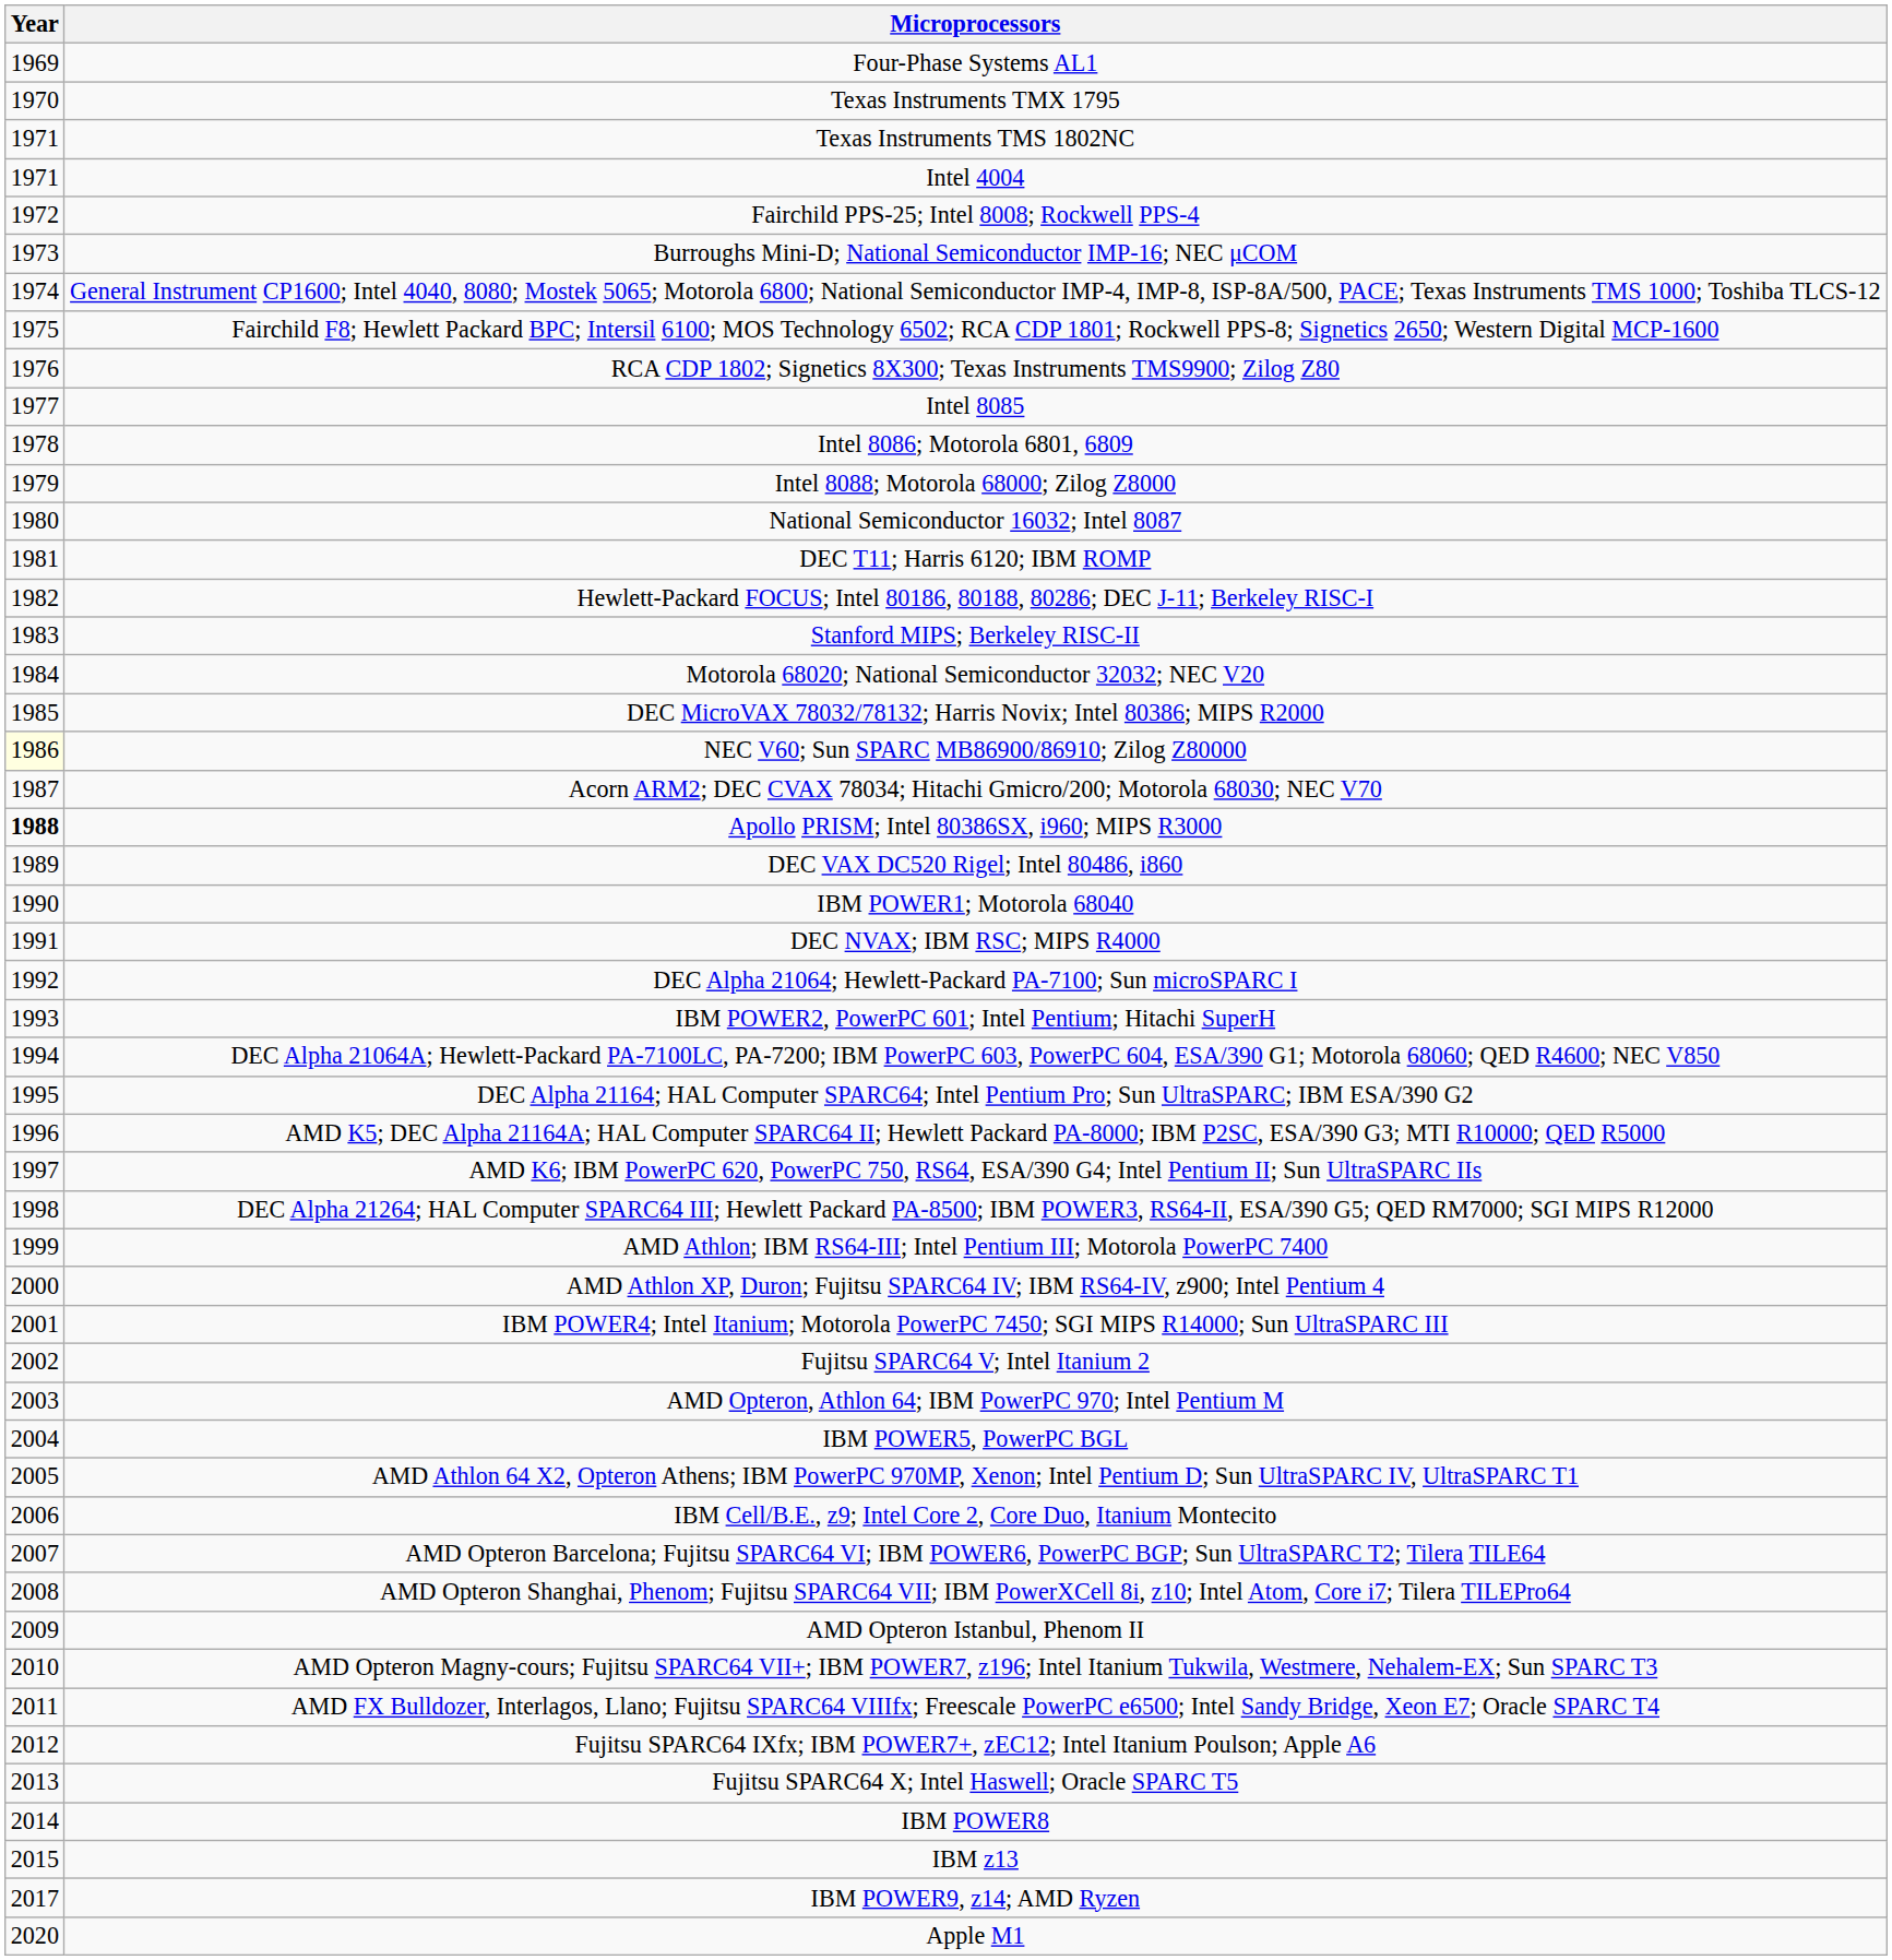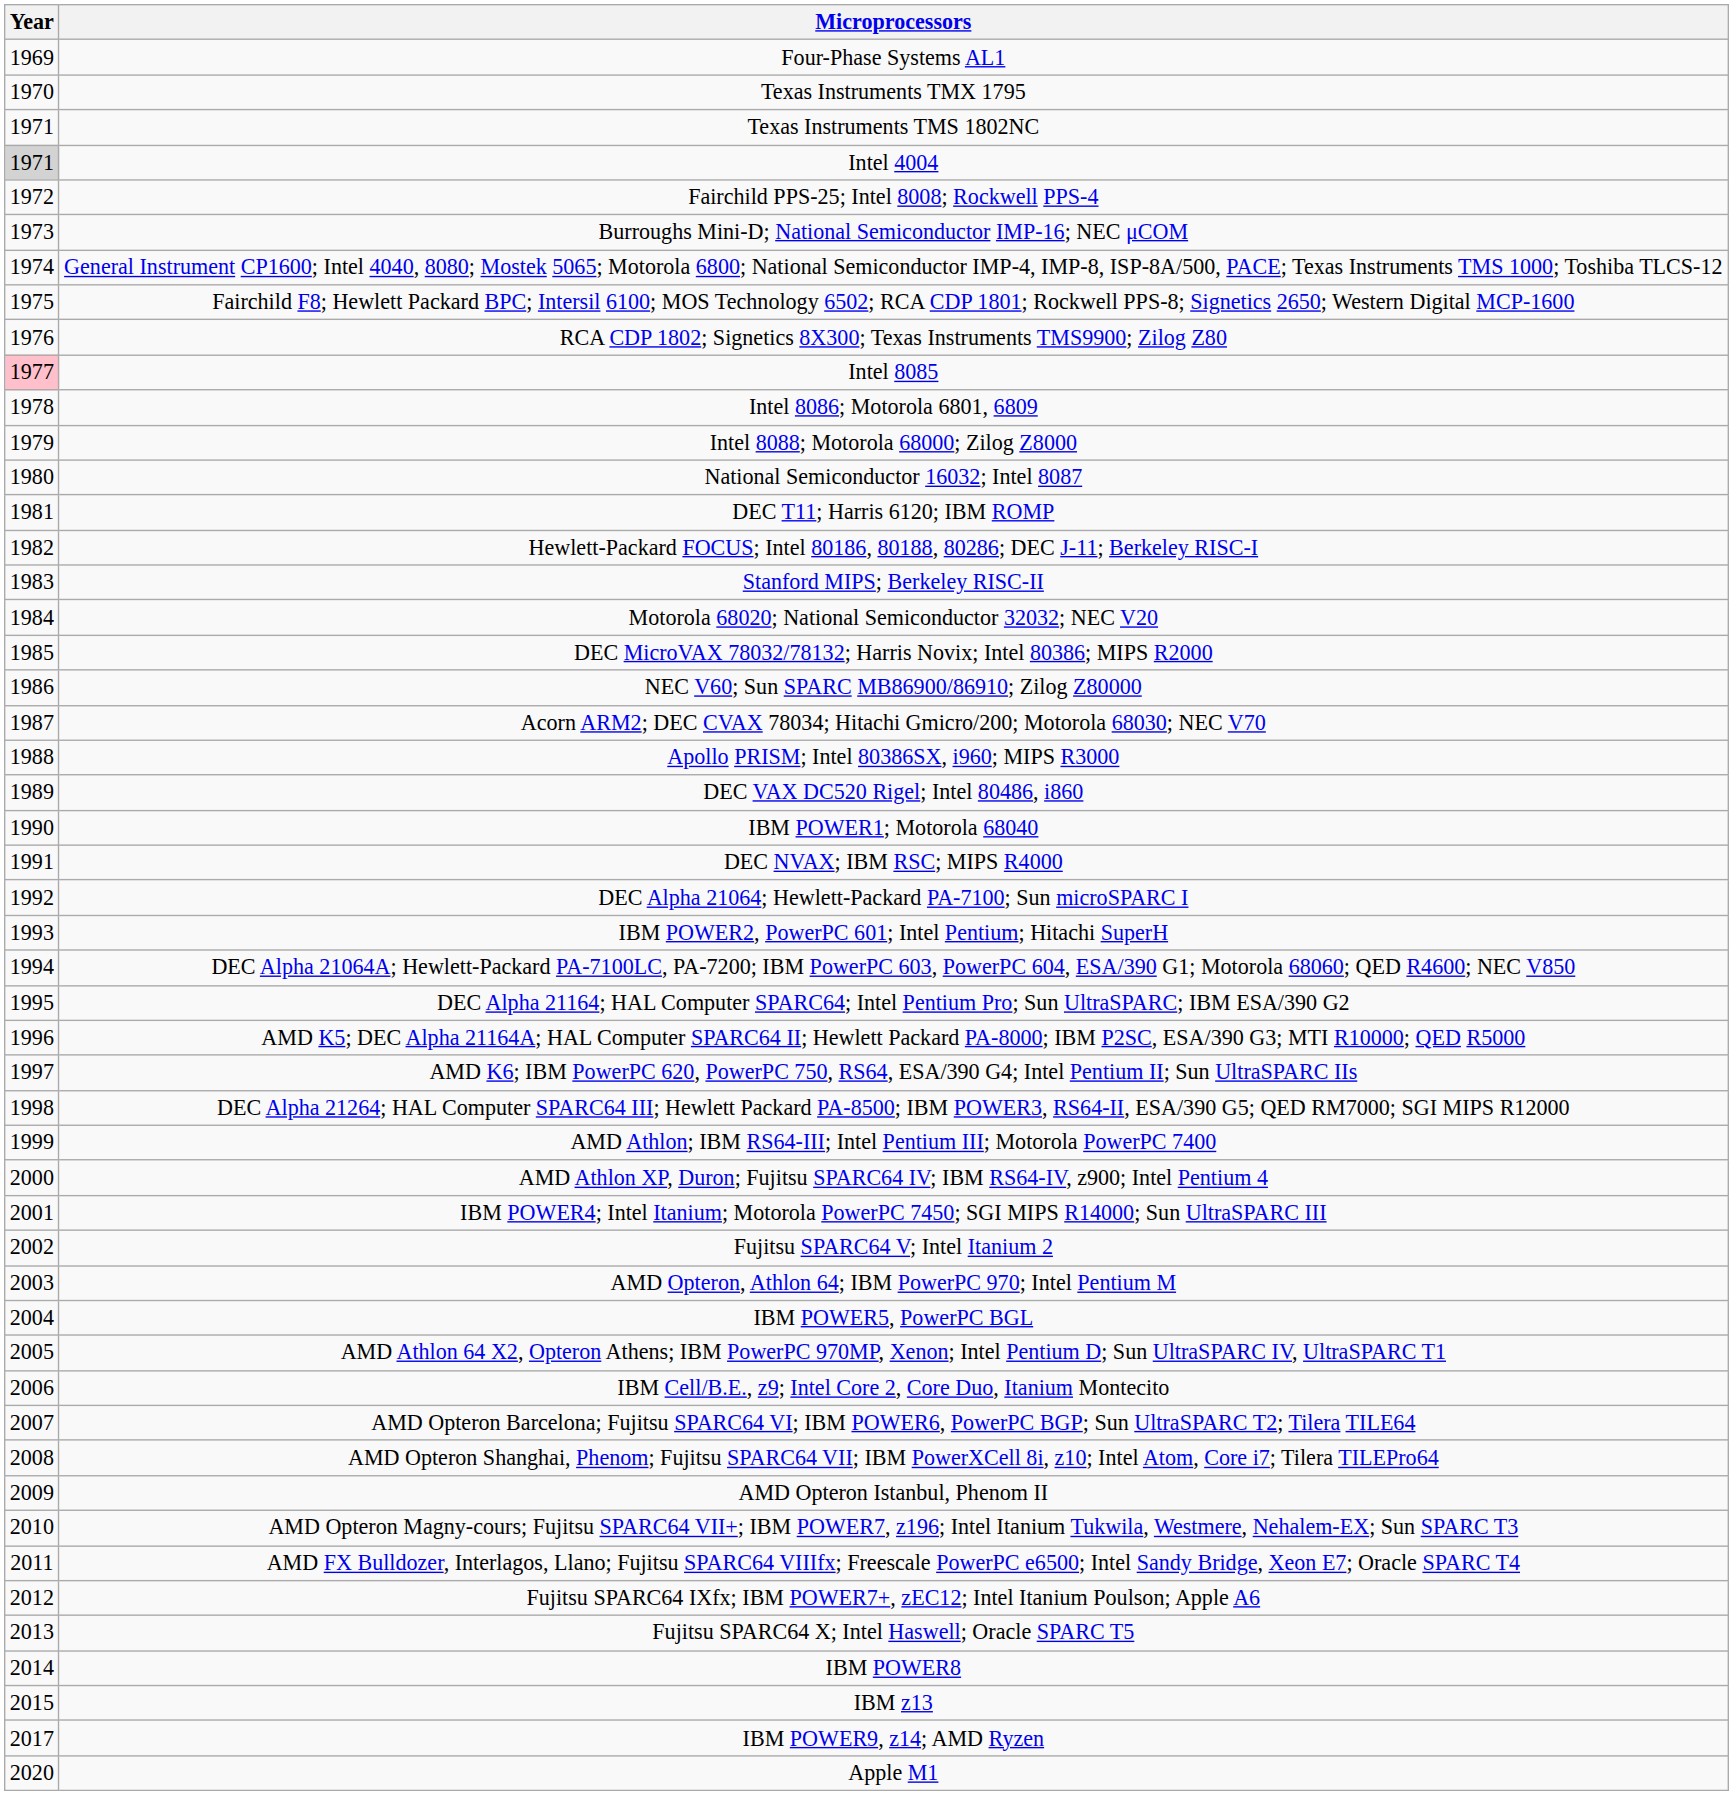 <table class="wikitable" style="text-align:center;">
 <tr>
 <th>Year</th>
 <th><a href='#'>Microprocessors</a></th>
 </tr>
 <tr>
 <td>1969</td>
 <td>Four-Phase Systems <a href='#'>AL1</a></td>
 </tr>
 <tr>
 <td>1970</td>
 <td>Texas Instruments TMX 1795</td>
 </tr>
 <tr>
 <td>1971</td>
 <td>Texas Instruments TMS 1802NC</td>
 </tr>
 <tr>
-<td>1971</td>
+<td style="background: lightgrey;">1971</td>
 <td>Intel <a href='#'>4004</a></td>
 </tr>
 <tr>
 <td>1972</td>
 <td>Fairchild PPS-25; Intel <a href='#'>8008</a>; <a href='#'>Rockwell</a> <a href='#'>PPS-4</a></td>
 </tr>
 <tr>
 <td>1973</td>
 <td>Burroughs Mini-D; <a href='#'>National Semiconductor</a> <a href='#'>IMP-16</a>; NEC <a href='#'>μCOM</a></td>
 </tr>
 <tr>
 <td>1974</td>
 <td><a href='#'>General Instrument</a> <a href='#'>CP1600</a>; Intel <a href='#'>4040</a>, <a href='#'>8080</a>; <a href='#'>Mostek</a> <a href='#'>5065</a>; Motorola <a href='#'>6800</a>; National Semiconductor IMP-4, IMP-8, ISP-8A/500, <a href='#'>PACE</a>; Texas Instruments <a href='#'>TMS 1000</a>; Toshiba TLCS-12</td>
 </tr>
 <tr>
 <td>1975</td>
 <td>Fairchild <a href='#'>F8</a>; Hewlett Packard <a href='#'>BPC</a>; <a href='#'>Intersil</a> <a href='#'>6100</a>; MOS Technology <a href='#'>6502</a>; RCA <a href='#'>CDP 1801</a>; Rockwell PPS-8; <a href='#'>Signetics</a> <a href='#'>2650</a>; Western Digital <a href='#'>MCP-1600</a></td>
 </tr>
 <tr>
 <td>1976</td>
 <td>RCA <a href='#'>CDP 1802</a>; Signetics <a href='#'>8X300</a>; Texas Instruments <a href='#'>TMS9900</a>; <a href='#'>Zilog</a> <a href='#'>Z80</a></td>
 </tr>
 <tr>
-<td>1977</td>
+<td style="background: pink;">1977</td>
 <td>Intel <a href='#'>8085</a></td>
 </tr>
 <tr>
 <td>1978</td>
 <td>Intel <a href='#'>8086</a>; Motorola 6801, <a href='#'>6809</a></td>
 </tr>
 <tr>
 <td>1979</td>
 <td>Intel <a href='#'>8088</a>; Motorola <a href='#'>68000</a>; Zilog <a href='#'>Z8000</a></td>
 </tr>
 <tr>
 <td>1980</td>
 <td>National Semiconductor <a href='#'>16032</a>; Intel <a href='#'>8087</a></td>
 </tr>
 <tr>
 <td>1981</td>
 <td>DEC <a href='#'>T11</a>; Harris 6120; IBM <a href='#'>ROMP</a></td>
 </tr>
 <tr>
 <td>1982</td>
 <td>Hewlett-Packard <a href='#'>FOCUS</a>; Intel <a href='#'>80186</a>, <a href='#'>80188</a>, <a href='#'>80286</a>; DEC <a href='#'>J-11</a>; <a href='#'>Berkeley RISC-I</a></td>
 </tr>
 <tr>
 <td>1983</td>
 <td><a href='#'>Stanford MIPS</a>; <a href='#'>Berkeley RISC-II</a></td>
 </tr>
 <tr>
 <td>1984</td>
 <td>Motorola <a href='#'>68020</a>; National Semiconductor <a href='#'>32032</a>; NEC <a href='#'>V20</a></td>
 </tr>
 <tr>
 <td>1985</td>
 <td>DEC <a href='#'>MicroVAX 78032/78132</a>; Harris Novix; Intel <a href='#'>80386</a>; MIPS <a href='#'>R2000</a></td>
 </tr>
 <tr>
-<td style="background: lightyellow;">1986</td>
+<td>1986</td>
 <td>NEC <a href='#'>V60</a>; Sun <a href='#'>SPARC</a> <a href='#'>MB86900/86910</a>; Zilog <a href='#'>Z80000</a></td>
 </tr>
 <tr>
 <td>1987</td>
 <td>Acorn <a href='#'>ARM2</a>; DEC <a href='#'>CVAX</a> 78034; Hitachi Gmicro/200; Motorola <a href='#'>68030</a>; NEC <a href='#'>V70</a></td>
 </tr>
 <tr>
-<td><strong>1988</strong></td>
+<td>1988</td>
 <td><a href='#'>Apollo</a> <a href='#'>PRISM</a>; Intel <a href='#'>80386SX</a>, <a href='#'>i960</a>; MIPS <a href='#'>R3000</a></td>
 </tr>
 <tr>
 <td>1989</td>
 <td>DEC <a href='#'>VAX DC520 Rigel</a>; Intel <a href='#'>80486</a>, <a href='#'>i860</a></td>
 </tr>
 <tr>
 <td>1990</td>
 <td>IBM <a href='#'>POWER1</a>; Motorola <a href='#'>68040</a></td>
 </tr>
 <tr>
 <td>1991</td>
 <td>DEC <a href='#'>NVAX</a>; IBM <a href='#'>RSC</a>; MIPS <a href='#'>R4000</a></td>
 </tr>
 <tr>
 <td>1992</td>
 <td>DEC <a href='#'>Alpha 21064</a>; Hewlett-Packard <a href='#'>PA-7100</a>; Sun <a href='#'>microSPARC I</a></td>
 </tr>
 <tr>
 <td>1993</td>
 <td>IBM <a href='#'>POWER2</a>, <a href='#'>PowerPC 601</a>; Intel <a href='#'>Pentium</a>; Hitachi <a href='#'>SuperH</a></td>
 </tr>
 <tr>
 <td>1994</td>
 <td>DEC <a href='#'>Alpha 21064A</a>; Hewlett-Packard <a href='#'>PA-7100LC</a>, PA-7200; IBM <a href='#'>PowerPC 603</a>, <a href='#'>PowerPC 604</a>, <a href='#'>ESA/390</a> G1; Motorola <a href='#'>68060</a>; QED <a href='#'>R4600</a>; NEC <a href='#'>V850</a></td>
 </tr>
 <tr>
 <td>1995</td>
 <td>DEC <a href='#'>Alpha 21164</a>; HAL Computer <a href='#'>SPARC64</a>; Intel <a href='#'>Pentium Pro</a>; Sun <a href='#'>UltraSPARC</a>; IBM ESA/390 G2</td>
 </tr>
 <tr>
 <td>1996</td>
 <td>AMD <a href='#'>K5</a>; DEC <a href='#'>Alpha 21164A</a>; HAL Computer <a href='#'>SPARC64 II</a>; Hewlett Packard <a href='#'>PA-8000</a>; IBM <a href='#'>P2SC</a>, ESA/390 G3; MTI <a href='#'>R10000</a>; <a href='#'>QED</a> <a href='#'>R5000</a></td>
 </tr>
 <tr>
 <td>1997</td>
 <td>AMD <a href='#'>K6</a>; IBM <a href='#'>PowerPC 620</a>, <a href='#'>PowerPC 750</a>, <a href='#'>RS64</a>, ESA/390 G4; Intel <a href='#'>Pentium II</a>; Sun <a href='#'>UltraSPARC IIs</a></td>
 </tr>
 <tr>
 <td>1998</td>
 <td>DEC <a href='#'>Alpha 21264</a>; HAL Computer <a href='#'>SPARC64 III</a>; Hewlett Packard <a href='#'>PA-8500</a>; IBM <a href='#'>POWER3</a>, <a href='#'>RS64-II</a>, ESA/390 G5; QED RM7000; SGI MIPS R12000</td>
 </tr>
 <tr>
 <td>1999</td>
 <td>AMD <a href='#'>Athlon</a>; IBM <a href='#'>RS64-III</a>; Intel <a href='#'>Pentium III</a>; Motorola <a href='#'>PowerPC 7400</a></td>
 </tr>
 <tr>
 <td>2000</td>
 <td>AMD <a href='#'>Athlon XP</a>, <a href='#'>Duron</a>; Fujitsu <a href='#'>SPARC64 IV</a>; IBM <a href='#'>RS64-IV</a>, z900; Intel <a href='#'>Pentium 4</a></td>
 </tr>
 <tr>
 <td>2001</td>
 <td>IBM <a href='#'>POWER4</a>; Intel <a href='#'>Itanium</a>; Motorola <a href='#'>PowerPC 7450</a>; SGI MIPS <a href='#'>R14000</a>; Sun <a href='#'>UltraSPARC III</a></td>
 </tr>
 <tr>
 <td>2002</td>
 <td>Fujitsu <a href='#'>SPARC64 V</a>; Intel <a href='#'>Itanium 2</a></td>
 </tr>
 <tr>
 <td>2003</td>
 <td>AMD <a href='#'>Opteron</a>, <a href='#'>Athlon 64</a>; IBM <a href='#'>PowerPC 970</a>; Intel <a href='#'>Pentium M</a></td>
 </tr>
 <tr>
 <td>2004</td>
 <td>IBM <a href='#'>POWER5</a>, <a href='#'>PowerPC BGL</a></td>
 </tr>
 <tr>
 <td>2005</td>
 <td>AMD <a href='#'>Athlon 64 X2</a>, <a href='#'>Opteron</a> Athens; IBM <a href='#'>PowerPC 970MP</a>, <a href='#'>Xenon</a>; Intel <a href='#'>Pentium D</a>; Sun <a href='#'>UltraSPARC IV</a>, <a href='#'>UltraSPARC T1</a></td>
 </tr>
 <tr>
 <td>2006</td>
 <td>IBM <a href='#'>Cell/B.E.</a>, <a href='#'>z9</a>; <a href='#'>Intel Core 2</a>, <a href='#'>Core Duo</a>, <a href='#'>Itanium</a> Montecito</td>
 </tr>
 <tr>
 <td>2007</td>
 <td>AMD Opteron Barcelona; Fujitsu <a href='#'>SPARC64 VI</a>; IBM <a href='#'>POWER6</a>, <a href='#'>PowerPC BGP</a>; Sun <a href='#'>UltraSPARC T2</a>; <a href='#'>Tilera</a> <a href='#'>TILE64</a></td>
 </tr>
 <tr>
 <td>2008</td>
 <td>AMD Opteron Shanghai, <a href='#'>Phenom</a>; Fujitsu <a href='#'>SPARC64 VII</a>; IBM <a href='#'>PowerXCell 8i</a>, <a href='#'>z10</a>; Intel <a href='#'>Atom</a>, <a href='#'>Core i7</a>; Tilera <a href='#'>TILEPro64</a></td>
 </tr>
 <tr>
 <td>2009</td>
 <td>AMD Opteron Istanbul, Phenom II</td>
 </tr>
 <tr>
 <td>2010</td>
 <td>AMD Opteron Magny-cours; Fujitsu <a href='#'>SPARC64 VII+</a>; IBM <a href='#'>POWER7</a>, <a href='#'>z196</a>; Intel Itanium <a href='#'>Tukwila</a>, <a href='#'>Westmere</a>, <a href='#'>Nehalem-EX</a>; Sun <a href='#'>SPARC T3</a></td>
 </tr>
 <tr>
 <td>2011</td>
 <td>AMD <a href='#'>FX Bulldozer</a>, Interlagos, Llano; Fujitsu <a href='#'>SPARC64 VIIIfx</a>; Freescale <a href='#'>PowerPC e6500</a>; Intel <a href='#'>Sandy Bridge</a>, <a href='#'>Xeon E7</a>; Oracle <a href='#'>SPARC T4</a></td>
 </tr>
 <tr>
 <td>2012</td>
 <td>Fujitsu SPARC64 IXfx; IBM <a href='#'>POWER7+</a>, <a href='#'>zEC12</a>; Intel Itanium Poulson; Apple <a href='#'>A6</a></td>
 </tr>
 <tr>
 <td>2013</td>
 <td>Fujitsu SPARC64 X; Intel <a href='#'>Haswell</a>; Oracle <a href='#'>SPARC T5</a></td>
 </tr>
 <tr>
 <td>2014</td>
 <td>IBM <a href='#'>POWER8</a></td>
 </tr>
 <tr>
 <td>2015</td>
 <td>IBM <a href='#'>z13</a></td>
 </tr>
 <tr>
 <td>2017</td>
 <td>IBM <a href='#'>POWER9</a>, <a href='#'>z14</a>; AMD <a href='#'>Ryzen</a></td>
 </tr>
 <tr>
 <td>2020</td>
 <td>Apple <a href='#'>M1</a></td>
 </tr>
 </table>
